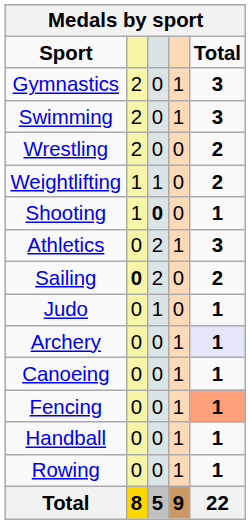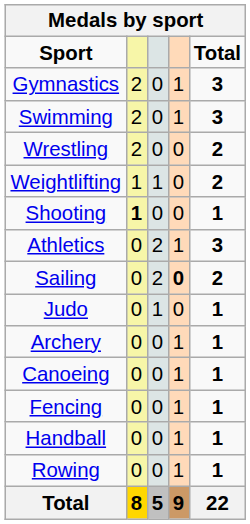 <table class="wikitable" style="font-size:85%; float: right;">
 <tr style="background:#efefef;">
 <th colspan=5>Medals by sport</th>
 </tr>
 <tr align=center>
 <td><strong>Sport</strong></td>
 <td bgcolor=#f7f6a8></td>
 <td bgcolor=#dce5e5></td>
 <td bgcolor=#ffdab9></td>
 <td><strong>Total</strong></td>
 </tr>
 <tr align=center>
 <td><a href='#'>Gymnastics</a></td>
 <td style="background:#F7F6A8;">2</td>
 <td style="background:#DCE5E5;">0</td>
 <td style="background:#FFDAB9;">1</td>
 <td><strong>3</strong></td>
 </tr>
 <tr align=center>
 <td><a href='#'>Swimming</a></td>
 <td style="background:#F7F6A8;">2</td>
 <td style="background:#DCE5E5;">0</td>
 <td style="background:#FFDAB9;">1</td>
 <td><strong>3</strong></td>
 </tr>
 <tr align=center>
 <td><a href='#'>Wrestling</a></td>
 <td style="background:#F7F6A8;">2</td>
 <td style="background:#DCE5E5;">0</td>
 <td style="background:#FFDAB9;">0</td>
 <td><strong>2</strong></td>
 </tr>
 <tr align=center>
 <td><a href='#'>Weightlifting</a></td>
 <td style="background:#F7F6A8;">1</td>
 <td style="background:#DCE5E5;">1</td>
 <td style="background:#FFDAB9;">0</td>
 <td><strong>2</strong></td>
 </tr>
 <tr align=center>
 <td><a href='#'>Shooting</a></td>
-<td style="background:#F7F6A8;">1</td>
-<td style="background:#DCE5E5;"><strong>0</strong></td>
+<td style="background:#F7F6A8;"><strong>1</strong></td>
+<td style="background:#DCE5E5;">0</td>
 <td style="background:#FFDAB9;">0</td>
 <td><strong>1</strong></td>
 </tr>
 <tr align=center>
 <td><a href='#'>Athletics</a></td>
 <td style="background:#F7F6A8;">0</td>
 <td style="background:#DCE5E5;">2</td>
 <td style="background:#FFDAB9;">1</td>
 <td><strong>3</strong></td>
 </tr>
 <tr align=center>
 <td><a href='#'>Sailing</a></td>
-<td style="background:#F7F6A8;"><strong>0</strong></td>
+<td style="background:#F7F6A8;">0</td>
 <td style="background:#DCE5E5;">2</td>
-<td style="background:#FFDAB9;">0</td>
+<td style="background:#FFDAB9;"><strong>0</strong></td>
 <td><strong>2</strong></td>
 </tr>
 <tr align=center>
 <td><a href='#'>Judo</a></td>
 <td style="background:#F7F6A8;">0</td>
 <td style="background:#DCE5E5;">1</td>
 <td style="background:#FFDAB9;">0</td>
 <td><strong>1</strong></td>
 </tr>
 <tr align=center>
 <td><a href='#'>Archery</a></td>
 <td style="background:#F7F6A8;">0</td>
 <td style="background:#DCE5E5;">0</td>
 <td style="background:#FFDAB9;">1</td>
-<td style="background: lavender;"><strong>1</strong></td>
+<td><strong>1</strong></td>
 </tr>
 <tr align=center>
 <td><a href='#'>Canoeing</a></td>
 <td style="background:#F7F6A8;">0</td>
 <td style="background:#DCE5E5;">0</td>
 <td style="background:#FFDAB9;">1</td>
 <td><strong>1</strong></td>
 </tr>
 <tr align=center>
 <td><a href='#'>Fencing</a></td>
 <td style="background:#F7F6A8;">0</td>
 <td style="background:#DCE5E5;">0</td>
 <td style="background:#FFDAB9;">1</td>
-<td style="background: lightsalmon;"><strong>1</strong></td>
+<td><strong>1</strong></td>
 </tr>
 <tr align=center>
 <td><a href='#'>Handball</a></td>
 <td style="background:#F7F6A8;">0</td>
 <td style="background:#DCE5E5;">0</td>
 <td style="background:#FFDAB9;">1</td>
 <td><strong>1</strong></td>
 </tr>
 <tr align=center>
 <td><a href='#'>Rowing</a></td>
 <td style="background:#F7F6A8;">0</td>
 <td style="background:#DCE5E5;">0</td>
 <td style="background:#FFDAB9;">1</td>
 <td><strong>1</strong></td>
 </tr>
 <tr align=center>
 <th>Total</th>
 <th style="background:gold;">8</th>
 <th style="background:silver;">5</th>
 <th style="background:#c96;">9</th>
 <th>22</th>
 </tr>
 </table>
